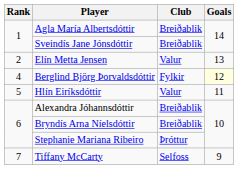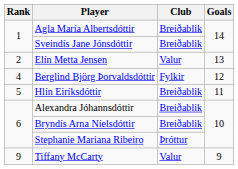 <table class="wikitable" style="text-align:center">
 <tr>
 <th>Rank</th>
 <th>Player</th>
 <th>Club</th>
 <th>Goals</th>
 </tr>
 <tr>
 <td rowspan=2>1</td>
 <td align="left"> <a href='#'>Agla María Albertsdóttir</a></td>
 <td align="left"><a href='#'>Breiðablik</a></td>
 <td rowspan=2>14</td>
 </tr>
 <tr>
 <td align="left"> <a href='#'>Sveindís Jane Jónsdóttir</a></td>
 <td align="left"><a href='#'>Breiðablik</a></td>
 </tr>
 <tr>
 <td>2</td>
 <td align="left"> <a href='#'>Elín Metta Jensen</a></td>
 <td align="left"><a href='#'>Valur</a></td>
 <td>13</td>
 </tr>
 <tr>
 <td>4</td>
 <td align="left"> <a href='#'>Berglind Björg Þorvaldsdóttir</a></td>
 <td align="left"><a href='#'>Fylkir</a></td>
-<td style="background: lightyellow;">12</td>
+<td>12</td>
 </tr>
 <tr>
 <td>5</td>
 <td align="left"> <a href='#'>Hlín Eiríksdóttir</a></td>
-<td align="left"><a href='#'>Valur</a></td>
+<td align="left"><a href='#'>Breiðablik</a></td>
 <td>11</td>
 </tr>
 <tr>
 <td rowspan=3>6</td>
 <td align="left"> Alexandra Jóhannsdóttir</td>
 <td align="left"><a href='#'>Breiðablik</a></td>
 <td rowspan=3>10</td>
 </tr>
 <tr>
 <td align="left"> <a href='#'>Bryndís Arna Níelsdóttir</a></td>
 <td align="left"><a href='#'>Breiðablik</a></td>
 </tr>
 <tr>
 <td align="left"> <a href='#'>Stephanie Mariana Ribeiro</a></td>
 <td align="left"><a href='#'>Þróttur</a></td>
 </tr>
 <tr>
-<td>7</td>
+<td>9</td>
 <td align="left"> <a href='#'>Tiffany McCarty</a></td>
-<td align="left"><a href='#'>Selfoss</a></td>
+<td align="left"><a href='#'>Valur</a></td>
 <td>9</td>
 </tr>
 </table>
